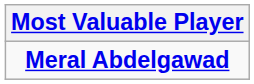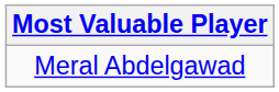 <table class=wikitable style="text-align:center; margin:auto">
 <tr>
 <th><a href='#'>Most Valuable Player</a></th>
 </tr>
 <tr>
-<td><strong> <a href='#'>Meral Abdelgawad</a></strong></td>
+<td> <a href='#'>Meral Abdelgawad</a></td>
 </tr>
 </table>
